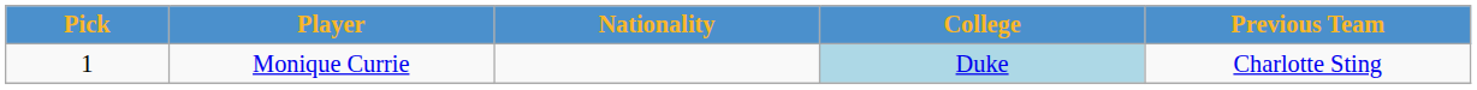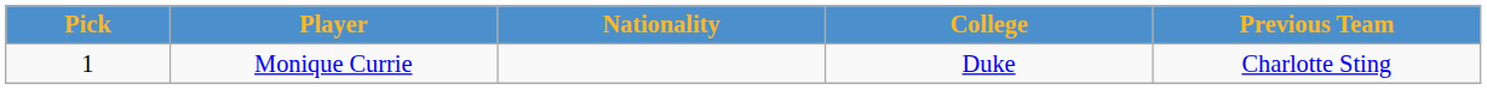 <table class="wikitable" style="text-align:center; width:60em">
 <tr>
 <th style="background:#4b90cc; color:#Fbb726" width="5%">Pick</th>
 <th style="background:#4b90cc; color:#Fbb726" width="10%">Player</th>
 <th style="background:#4b90cc; color:#Fbb726" width="10%">Nationality</th>
 <th style="background:#4b90cc; color:#Fbb726" width="10%">College</th>
 <th style="background:#4b90cc; color:#Fbb726" width="10%">Previous Team</th>
 </tr>
 <tr>
 <td>1</td>
 <td><a href='#'>Monique Currie</a></td>
 <td></td>
-<td style="background: lightblue;"><a href='#'>Duke</a></td>
+<td><a href='#'>Duke</a></td>
 <td><a href='#'>Charlotte Sting</a></td>
 </tr>
 <tr>
 </tr>
 </table>
